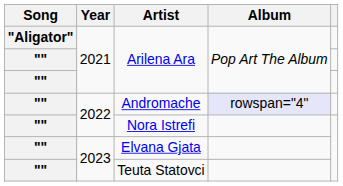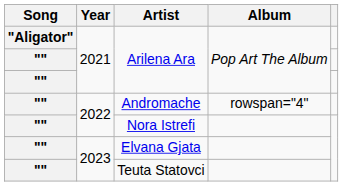 <table class="wikitable plainrowheaders" style="text-align:center;">
 <tr>
 <th scope="col">Song</th>
 <th scope="col">Year</th>
 <th scope="col">Artist</th>
 <th scope="col">Album</th>
 <th scope="col"></th>
 </tr>
 <tr>
 <th scope="row">"Aligator"</th>
 <td rowspan="3">2021</td>
 <td rowspan="3"><a href='#'>Arilena Ara</a></td>
 <td rowspan="3"><em>Pop Art The Album</em></td>
 <td></td>
 </tr>
 <tr>
 <th scope="row">""</th>
 <td></td>
 </tr>
 <tr>
 <th scope="row">""</th>
 <td></td>
 </tr>
 <tr>
 <th scope="row">""</th>
 <td rowspan="2">2022</td>
 <td><a href='#'>Andromache</a></td>
-<td style="background: lavender;">rowspan="4" </td>
+<td>rowspan="4" </td>
 <td></td>
 </tr>
 <tr>
 <th scope="row">""</th>
 <td><a href='#'>Nora Istrefi</a></td>
 <td></td>
 </tr>
 <tr>
 <th scope="row">""</th>
 <td rowspan="2">2023</td>
 <td><a href='#'>Elvana Gjata</a></td>
 <td></td>
 </tr>
 <tr>
 <th scope="row">""</th>
 <td>Teuta Statovci</td>
 <td></td>
 </tr>
 </table>
